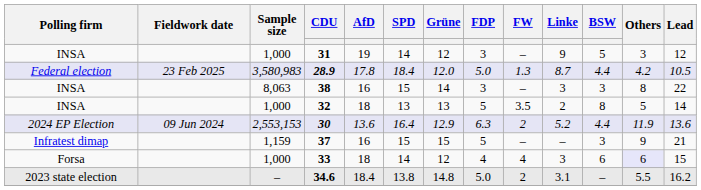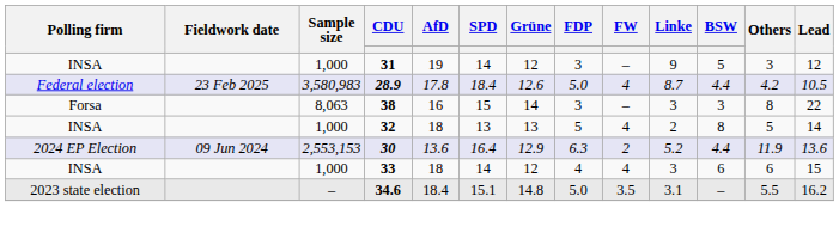 <table class="wikitable sortable" style="text-align:center;font-size:90%;line-height:14px;">
 <tr style="height:40px;">
 <th style="width:150px;" rowspan="2">Polling firm</th>
 <th style="width:125px;" rowspan="2">Fieldwork date</th>
 <th style="width:35px;" rowspan="2">Sample<br>size</th>
 <th class="unsortable" style="width:40px;"><a href='#'>CDU</a></th>
 <th class="unsortable" style="width:40px;"><a href='#'>AfD</a></th>
 <th class="unsortable" style="width:40px;"><a href='#'>SPD</a></th>
 <th class="unsortable" style="width:40px;"><a href='#'>Grüne</a></th>
 <th class="unsortable" style="width:40px;"><a href='#'>FDP</a></th>
 <th class="unsortable" style="width:40px;"><a href='#'>FW</a></th>
 <th class="unsortable" style="width:40px;"><a href='#'>Linke</a></th>
 <th class="unsortable" style="width:40px;"><a href='#'>BSW</a></th>
 <th class="unsortable" style="width:40px;" rowspan="2">Others</th>
 <th style="width:30px;" rowspan="2">Lead</th>
 </tr>
 <tr>
 <th style="background: "></th>
 <th style="background: "></th>
 <th style="background: "></th>
 <th style="background: "></th>
 <th style="background: "></th>
 <th style="background: "></th>
 <th style="background: "></th>
 <th style="background: "></th>
 </tr>
 <tr>
 <td>INSA</td>
 <td></td>
 <td>1,000</td>
 <td><strong>31</strong></td>
 <td>19</td>
 <td>14</td>
 <td>12</td>
 <td>3</td>
 <td>–</td>
 <td>9</td>
 <td>5</td>
 <td>3</td>
 <td style="background: ">12</td>
 </tr>
 <tr style="background:#E5E5F5;font-style:italic;">
 <td><a href='#'>Federal election</a></td>
 <td data-sort-value="2025-02-23">23 Feb 2025</td>
 <td>3,580,983</td>
 <td><strong>28.9</strong></td>
 <td>17.8</td>
 <td>18.4</td>
-<td>12.0</td>
+<td>12.6</td>
 <td>5.0</td>
-<td>1.3</td>
+<td>4</td>
 <td>8.7</td>
 <td>4.4</td>
 <td>4.2</td>
 <td style="background: ">10.5</td>
 </tr>
 <tr>
-<td>INSA</td>
+<td>Forsa</td>
 <td></td>
 <td>8,063</td>
 <td><strong>38</strong></td>
 <td>16</td>
 <td>15</td>
 <td>14</td>
 <td>3</td>
 <td>–</td>
 <td>3</td>
 <td>3</td>
 <td>8</td>
 <td style="background: ">22</td>
 </tr>
 <tr>
 <td>INSA</td>
 <td></td>
 <td>1,000</td>
 <td><strong>32</strong></td>
 <td>18</td>
 <td>13</td>
 <td>13</td>
 <td>5</td>
-<td>3.5</td>
+<td>4</td>
 <td>2</td>
 <td>8</td>
 <td>5</td>
 <td style="background: ">14</td>
 </tr>
 <tr style="background:#E5E5F5;font-style:italic;">
 <td>2024 EP Election</td>
 <td data-sort-value="2024-06-09">09 Jun 2024</td>
 <td>2,553,153</td>
 <td><strong>30</strong></td>
 <td>13.6</td>
 <td>16.4</td>
 <td>12.9</td>
 <td>6.3</td>
 <td>2</td>
 <td>5.2</td>
 <td>4.4</td>
 <td>11.9</td>
 <td style="background: ">13.6</td>
 </tr>
 <tr>
-<td><a href='#'>Infratest dimap</a></td>
-<td></td>
-<td>1,159</td>
-<td><strong>37</strong></td>
-<td>16</td>
-<td>15</td>
-<td>15</td>
-<td>5</td>
-<td>–</td>
-<td>–</td>
-<td>3</td>
-<td>9</td>
-<td style="background: ">21</td>
-</tr>
-<tr>
-<td>Forsa</td>
+<td>INSA</td>
 <td></td>
 <td>1,000</td>
 <td><strong>33</strong></td>
 <td>18</td>
 <td>14</td>
 <td>12</td>
 <td>4</td>
 <td>4</td>
 <td>3</td>
 <td>6</td>
-<td style="background: lavender;">6</td>
+<td>6</td>
 <td style="background: ">15</td>
 </tr>
 <tr style="background:#E9E9E9;">
 <td>2023 state election</td>
 <td></td>
 <td>–</td>
 <td><strong>34.6</strong></td>
 <td>18.4</td>
-<td>13.8</td>
+<td>15.1</td>
 <td>14.8</td>
 <td>5.0</td>
-<td>2</td>
+<td>3.5</td>
 <td>3.1</td>
 <td>–</td>
 <td>5.5</td>
 <td style="background: ">16.2</td>
 </tr>
 <tr>
 </tr>
 </table>
